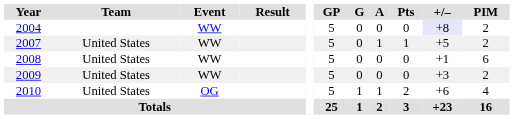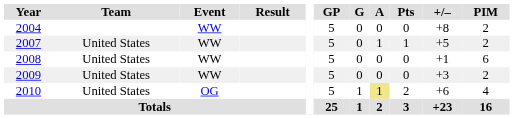 <table border="0" cellpadding="1" cellspacing="0" style="text-align:center; width:40em">
 <tr ALIGN="centre" bgcolor="#e0e0e0">
 <th>Year</th>
 <th>Team</th>
 <th>Event</th>
 <th>Result</th>
 <th rowspan="86" bgcolor="#ffffff"> </th>
 <th>GP</th>
 <th>G</th>
 <th>A</th>
 <th>Pts</th>
 <th>+/–</th>
 <th>PIM</th>
 </tr>
 <tr>
 <td><a href='#'>2004</a></td>
 <td></td>
 <td><a href='#'>WW</a></td>
 <td></td>
 <td>5</td>
 <td>0</td>
 <td>0</td>
 <td>0</td>
-<td style="background: lavender;">+8</td>
+<td>+8</td>
 <td>2</td>
 </tr>
 <tr bgcolor="#f0f0f0">
 <td><a href='#'>2007</a></td>
 <td>United States</td>
 <td>WW</td>
 <td></td>
 <td>5</td>
 <td>0</td>
 <td>1</td>
 <td>1</td>
 <td>+5</td>
 <td>2</td>
 </tr>
 <tr>
 <td><a href='#'>2008</a></td>
 <td>United States</td>
 <td>WW</td>
 <td></td>
 <td>5</td>
 <td>0</td>
 <td>0</td>
 <td>0</td>
 <td>+1</td>
 <td>6</td>
 </tr>
 <tr bgcolor="#f0f0f0">
 <td><a href='#'>2009</a></td>
 <td>United States</td>
 <td>WW</td>
 <td></td>
 <td>5</td>
 <td>0</td>
 <td>0</td>
 <td>0</td>
 <td>+3</td>
 <td>2</td>
 </tr>
 <tr>
 <td><a href='#'>2010</a></td>
 <td>United States</td>
 <td><a href='#'>OG</a></td>
 <td></td>
 <td>5</td>
 <td>1</td>
-<td>1</td>
+<td style="background: khaki;">1</td>
 <td>2</td>
 <td>+6</td>
 <td>4</td>
 </tr>
 <tr align="centre" bgcolor="#e0e0e0">
 <th colspan="4">Totals</th>
 <th>25</th>
 <th>1</th>
 <th>2</th>
 <th>3</th>
 <th>+23</th>
 <th>16</th>
 </tr>
 </table>
